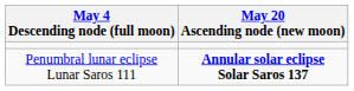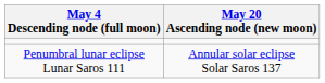 <table class="wikitable">
 <tr>
 <th><a href='#'>May 4</a><br>Descending node (full moon)<br></th>
 <th><a href='#'>May 20</a><br>Ascending node (new moon)<br></th>
 </tr>
 <tr>
 <td></td>
 <td></td>
 </tr>
 <tr align=center>
 <td><a href='#'>Penumbral lunar eclipse</a><br>Lunar Saros 111</td>
-<td><strong><a href='#'>Annular solar eclipse</a><br>Solar Saros 137</strong></td>
+<td><a href='#'>Annular solar eclipse</a><br>Solar Saros 137</td>
 </tr>
 </table>
